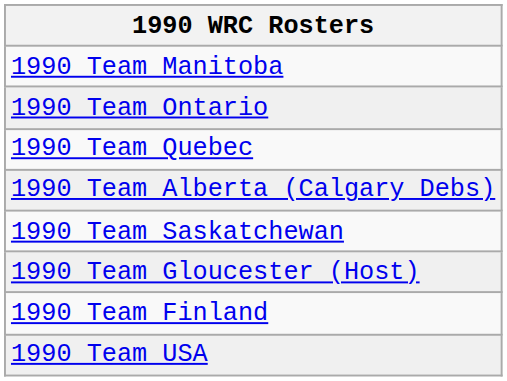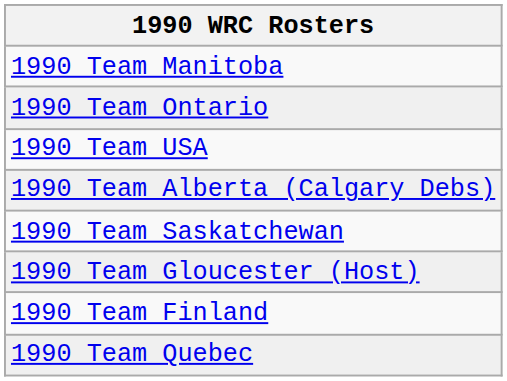 <table class=wikitable style="text-align:left;">
 <tr>
 <th>1990 WRC Rosters</th>
 </tr>
 <tr>
 <td> <a href='#'>1990 Team Manitoba</a></td>
 </tr>
 <tr bgcolor="#f0f0f0">
 <td> <a href='#'>1990 Team Ontario</a></td>
 </tr>
 <tr>
-<td> <a href='#'>1990 Team Quebec</a></td>
+<td> <a href='#'>1990 Team USA</a></td>
 </tr>
 <tr bgcolor="#f0f0f0">
 <td> <a href='#'>1990 Team Alberta (Calgary Debs)</a></td>
 </tr>
 <tr>
 <td> <a href='#'>1990 Team Saskatchewan</a></td>
 </tr>
 <tr bgcolor="#f0f0f0">
 <td> <a href='#'>1990 Team Gloucester (Host)</a></td>
 </tr>
 <tr>
 <td> <a href='#'>1990 Team Finland</a></td>
 </tr>
 <tr bgcolor="#f0f0f0">
-<td> <a href='#'>1990 Team USA</a></td>
+<td> <a href='#'>1990 Team Quebec</a></td>
 </tr>
 </table>
